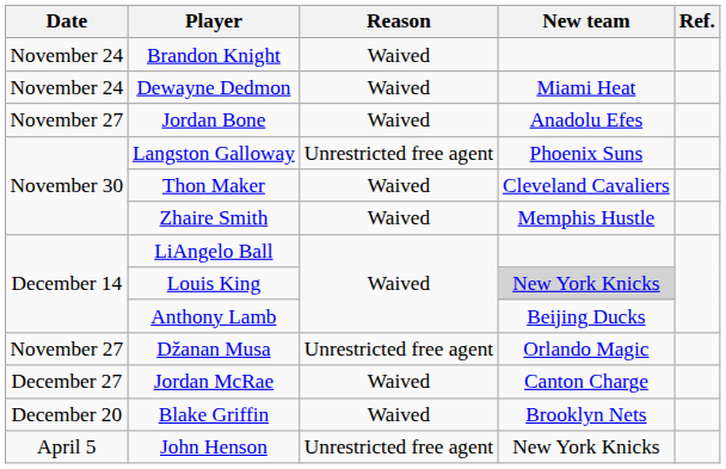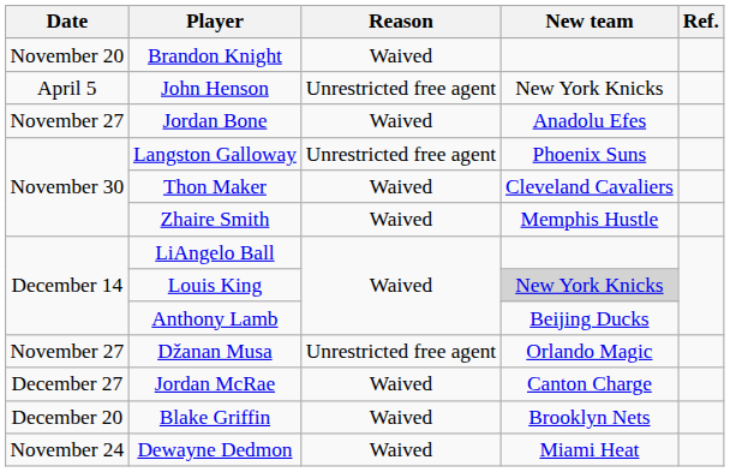 <table class="wikitable sortable sortable" style="text-align: center">
 <tr>
 <th>Date</th>
 <th>Player</th>
 <th>Reason</th>
 <th>New team</th>
 <th>Ref.</th>
 </tr>
 <tr style="text-align: center">
-<td>November 24</td>
+<td>November 20</td>
 <td><a href='#'>Brandon Knight</a></td>
 <td>Waived</td>
 <td></td>
 <td></td>
 </tr>
 <tr style="text-align: center">
-<td>November 24</td>
-<td><a href='#'>Dewayne Dedmon</a></td>
-<td>Waived</td>
-<td><a href='#'>Miami Heat</a></td>
+<td>April 5</td>
+<td><a href='#'>John Henson</a></td>
+<td>Unrestricted free agent</td>
+<td>New York Knicks</td>
 <td></td>
 </tr>
 <tr style="text-align: center">
 <td>November 27</td>
 <td><a href='#'>Jordan Bone</a></td>
 <td>Waived</td>
 <td> <a href='#'>Anadolu Efes</a></td>
 <td></td>
 </tr>
 <tr style="text-align: center">
 <td rowspan="3">November 30</td>
 <td><a href='#'>Langston Galloway</a></td>
 <td>Unrestricted free agent</td>
 <td><a href='#'>Phoenix Suns</a></td>
 <td></td>
 </tr>
 <tr style="text-align: center">
 <td><a href='#'>Thon Maker</a></td>
 <td>Waived</td>
 <td><a href='#'>Cleveland Cavaliers</a></td>
 <td></td>
 </tr>
 <tr style="text-align: center">
 <td><a href='#'>Zhaire Smith</a></td>
 <td>Waived</td>
 <td><a href='#'>Memphis Hustle</a></td>
 <td></td>
 </tr>
 <tr style="text-align: center">
 <td rowspan="3">December 14</td>
 <td><a href='#'>LiAngelo Ball</a></td>
 <td rowspan="3">Waived</td>
 <td></td>
 <td rowspan="3"></td>
 </tr>
 <tr style="text-align: center">
 <td><a href='#'>Louis King</a></td>
 <td style="background: lightgrey;"><a href='#'>New York Knicks</a></td>
 </tr>
 <tr style="text-align: center">
 <td><a href='#'>Anthony Lamb</a></td>
 <td> <a href='#'>Beijing Ducks</a></td>
 </tr>
 <tr style="text-align: center">
 <td>November 27</td>
 <td><a href='#'>Džanan Musa</a></td>
 <td>Unrestricted free agent</td>
 <td><a href='#'>Orlando Magic</a></td>
 <td></td>
 </tr>
 <tr style="text-align: center">
 <td>December 27</td>
 <td><a href='#'>Jordan McRae</a></td>
 <td>Waived</td>
 <td><a href='#'>Canton Charge</a></td>
 <td></td>
 </tr>
 <tr style="text-align: center">
 <td>December 20</td>
 <td><a href='#'>Blake Griffin</a></td>
 <td>Waived</td>
 <td><a href='#'>Brooklyn Nets</a></td>
 <td></td>
 </tr>
 <tr style="text-align: center">
-<td>April 5</td>
-<td><a href='#'>John Henson</a></td>
-<td>Unrestricted free agent</td>
-<td>New York Knicks</td>
+<td>November 24</td>
+<td><a href='#'>Dewayne Dedmon</a></td>
+<td>Waived</td>
+<td><a href='#'>Miami Heat</a></td>
 <td></td>
 </tr>
 </table>
